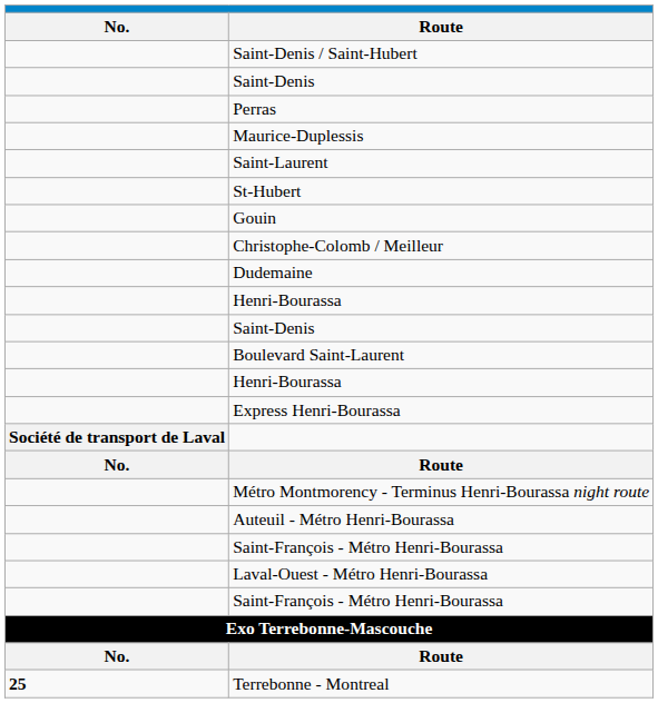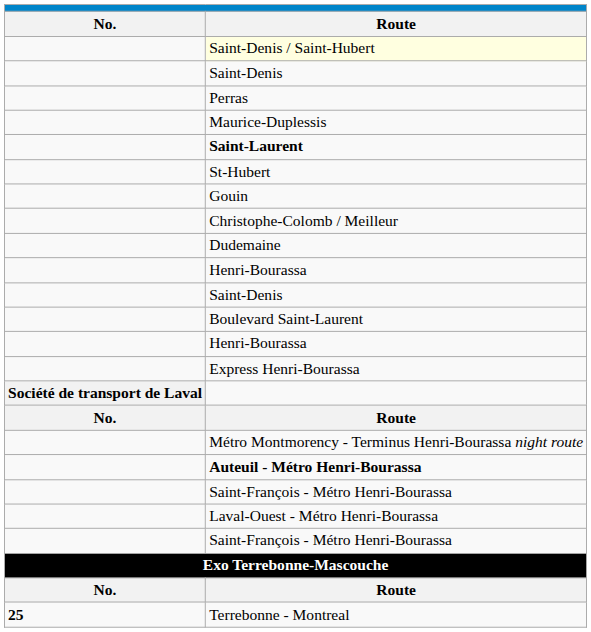 <table align=center border=1 class="wikitable">
 <tr>
 <th style="background: #0085CA; font-size:100%; color:#FFFFFF;" colspan="4"><a href='#'></a></th>
 </tr>
 <tr>
 <th>No.</th>
 <th>Route</th>
 </tr>
 <tr>
 <td></td>
-<td>Saint-Denis / Saint-Hubert</td>
+<td style="background: lightyellow;">Saint-Denis / Saint-Hubert</td>
 </tr>
 <tr>
 <td></td>
 <td>Saint-Denis</td>
 </tr>
 <tr>
 <td {{Avoid wrap> </td>
 <td>Perras</td>
 </tr>
 <tr>
 <td {{Avoid wrap> </td>
 <td>Maurice-Duplessis</td>
 </tr>
 <tr>
 <td {{Avoid wrap> </td>
-<td>Saint-Laurent</td>
+<td><strong>Saint-Laurent</strong></td>
 </tr>
 <tr>
 <td></td>
 <td>St-Hubert</td>
 </tr>
 <tr>
 <td {{Avoid wrap> </td>
 <td>Gouin</td>
 </tr>
 <tr>
 <td></td>
 <td>Christophe-Colomb / Meilleur</td>
 </tr>
 <tr>
 <td></td>
 <td>Dudemaine</td>
 </tr>
 <tr>
 <td {{Avoid wrap> </td>
 <td>Henri-Bourassa</td>
 </tr>
 <tr>
 <td {{Avoid wrap> </td>
 <td>Saint-Denis</td>
 </tr>
 <tr>
 <td {{Avoid wrap> </td>
 <td>Boulevard Saint-Laurent</td>
 </tr>
 <tr>
 <td {{Avoid wrap> </td>
 <td>Henri-Bourassa</td>
 </tr>
 <tr>
 <td></td>
 <td>Express Henri-Bourassa</td>
 </tr>
 <tr>
 <th style="background: #">Société de transport de Laval</th>
 </tr>
 <tr>
 <th>No.</th>
 <th>Route</th>
 </tr>
 <tr>
 <td></td>
 <td>Métro Montmorency - Terminus Henri-Bourassa <em>night route</em></td>
 </tr>
 <tr>
 <td></td>
-<td>Auteuil - Métro Henri-Bourassa</td>
+<td><strong>Auteuil - Métro Henri-Bourassa</strong></td>
 </tr>
 <tr>
 <td></td>
 <td>Saint-François - Métro Henri-Bourassa</td>
 </tr>
 <tr>
 <td></td>
 <td>Laval-Ouest - Métro Henri-Bourassa</td>
 </tr>
 <tr>
 <td></td>
 <td>Saint-François - Métro Henri-Bourassa</td>
 </tr>
 <tr>
 <th colspan="4" style="background: black; color:#FFFFFF;">Exo Terrebonne-Mascouche</th>
 </tr>
 <tr>
 <th>No.</th>
 <th>Route</th>
 </tr>
 <tr>
 <td {{border> <strong>25</strong></td>
 <td>Terrebonne - Montreal</td>
 </tr>
 </table>
